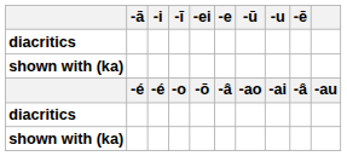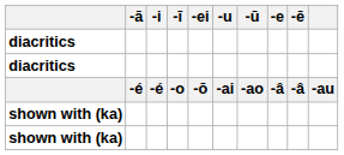 <table class="wikitable nounderlines Unicode" style="border-collapse:collapse;background:#FFFFFF;text-align:center">
 <tr>
 <th></th>
 <th>-ā</th>
 <th>-i</th>
 <th>-ī</th>
 <th>-ei</th>
+<th>-u</th>
+<th>-ū</th>
 <th>-e</th>
-<th>-ū</th>
-<th>-u</th>
 <th>-ē</th>
 <th></th>
 </tr>
 <tr>
 <td align="left"><strong>diacritics</strong></td>
 <td></td>
 <td></td>
 <td></td>
 <td></td>
 <td></td>
 <td></td>
 <td></td>
 <td></td>
 <td></td>
 </tr>
 <tr>
-<td align="left"><strong>shown with</strong>  <strong>(ka)</strong></td>
+<td align="left"><strong>diacritics</strong></td>
 <td></td>
 <td></td>
 <td></td>
 <td></td>
 <td></td>
 <td></td>
 <td></td>
 <td></td>
 <td></td>
 </tr>
 <tr>
 <th></th>
 <th>-é</th>
 <th>-é</th>
 <th>-o</th>
 <th>-ō</th>
+<th>-ai</th>
+<th>-ao</th>
 <th>-â</th>
-<th>-ao</th>
-<th>-ai</th>
 <th>-â</th>
 <th>-au</th>
 </tr>
 <tr>
-<td align="left"><strong>diacritics</strong></td>
+<td align="left"><strong>shown with</strong>  <strong>(ka)</strong></td>
 <td></td>
 <td></td>
 <td></td>
 <td></td>
 <td></td>
 <td></td>
 <td></td>
 <td></td>
 <td></td>
 </tr>
 <tr>
 <td align="left"><strong>shown with</strong>  <strong>(ka)</strong></td>
 <td></td>
 <td></td>
 <td></td>
 <td></td>
 <td></td>
 <td></td>
 <td></td>
 <td></td>
 <td></td>
 </tr>
 </table>
